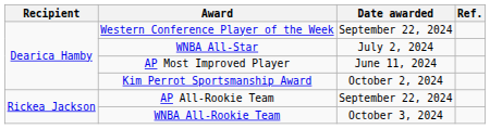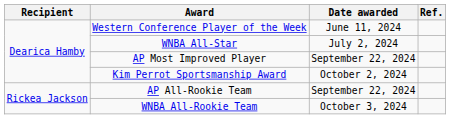 <table class="wikitable sortable sortable" style="text-align: center">
 <tr>
 <th>Recipient</th>
 <th>Award</th>
 <th>Date awarded</th>
 <th>Ref.</th>
 </tr>
 <tr>
 <td rowspan=4><a href='#'>Dearica Hamby</a></td>
 <td><a href='#'>Western Conference Player of the Week</a></td>
-<td>September 22, 2024</td>
+<td>June 11, 2024</td>
 <td></td>
 </tr>
 <tr>
 <td><a href='#'>WNBA All-Star</a></td>
 <td>July 2, 2024</td>
 <td></td>
 </tr>
 <tr>
 <td><a href='#'>AP</a> Most Improved Player</td>
-<td>June 11, 2024</td>
+<td>September 22, 2024</td>
 <td></td>
 </tr>
 <tr>
 <td><a href='#'>Kim Perrot Sportsmanship Award</a></td>
 <td>October 2, 2024</td>
 <td></td>
 </tr>
 <tr>
 <td rowspan=2><a href='#'>Rickea Jackson</a></td>
 <td><a href='#'>AP</a> All-Rookie Team</td>
 <td>September 22, 2024</td>
 <td></td>
 </tr>
 <tr>
 <td><a href='#'>WNBA All-Rookie Team</a></td>
 <td>October 3, 2024</td>
 <td></td>
 </tr>
 </table>
